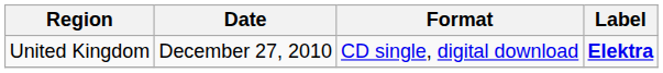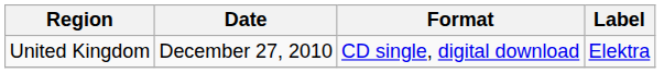 <table class=wikitable>
 <tr>
 <th>Region</th>
 <th>Date</th>
 <th>Format</th>
 <th>Label</th>
 </tr>
 <tr>
 <td>United Kingdom</td>
 <td>December 27, 2010</td>
 <td><a href='#'>CD single</a>, <a href='#'>digital download</a></td>
-<td><strong><a href='#'>Elektra</a></strong></td>
+<td><a href='#'>Elektra</a></td>
 </tr>
 <tr>
 </tr>
 </table>
